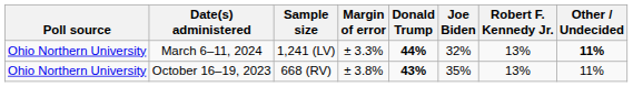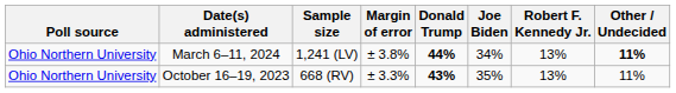 <table class="wikitable sortable mw-datatable" style="font-size:90%;text-align:center;line-height:17px">
 <tr valign=bottom>
 <th>Poll source</th>
 <th>Date(s)<br>administered</th>
 <th>Sample<br>size</th>
 <th>Margin<br>of error</th>
 <th class="unsortable">Donald<br>Trump<br></th>
 <th class="unsortable">Joe<br>Biden<br></th>
 <th class="unsortable">Robert F.<br>Kennedy Jr.<br></th>
 <th class="unsortable">Other /<br>Undecided</th>
 </tr>
 <tr>
 <td style="text-align:left;"><a href='#'>Ohio Northern University</a><br></td>
 <td data-sort-value="2024-03-13">March 6–11, 2024</td>
 <td>1,241 (LV)</td>
-<td>± 3.3%</td>
+<td>± 3.8%</td>
 <td style="background-color:"><strong>44%</strong></td>
-<td>32%</td>
+<td>34%</td>
 <td>13%</td>
 <td><strong>11%</strong></td>
 </tr>
 <tr>
 <td><a href='#'>Ohio Northern University</a></td>
 <td data-sort-value="2023-10-30">October 16–19, 2023</td>
 <td>668 (RV)</td>
-<td>± 3.8%</td>
+<td>± 3.3%</td>
 <td style="background-color:"><strong>43%</strong></td>
 <td>35%</td>
 <td>13%</td>
 <td>11%</td>
 </tr>
 </table>
